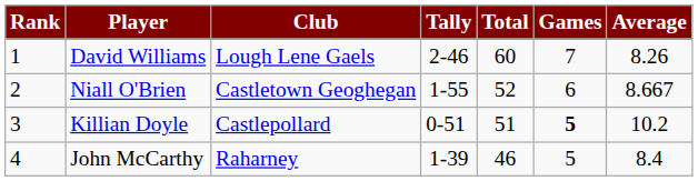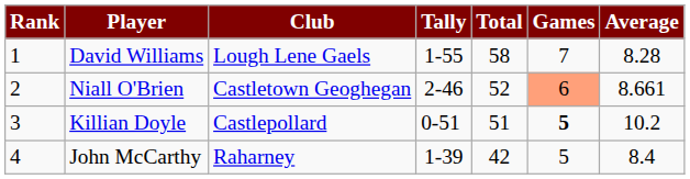 <table class="wikitable">
 <tr>
 <th style="background:maroon;color:white">Rank</th>
 <th style="background:maroon;color:white">Player</th>
 <th style="background:maroon;color:white">Club</th>
 <th style="background:maroon;color:white">Tally</th>
 <th style="background:maroon;color:white">Total</th>
 <th style="background:maroon;color:white">Games</th>
 <th style="background:maroon;color:white">Average</th>
 </tr>
 <tr>
 <td>1</td>
 <td><a href='#'>David Williams</a></td>
 <td> <a href='#'>Lough Lene Gaels</a></td>
-<td align=center>2-46</td>
-<td align=center>60</td>
+<td align=center>1-55</td>
+<td align=center>58</td>
 <td align=center>7</td>
-<td align=center>8.26</td>
+<td align=center>8.28</td>
 </tr>
 <tr>
 <td>2</td>
 <td><a href='#'>Niall O'Brien</a></td>
 <td> <a href='#'>Castletown Geoghegan</a></td>
-<td align=center>1-55</td>
+<td align=center>2-46</td>
 <td align=center>52</td>
-<td align=center>6</td>
-<td align=center>8.667</td>
+<td align=center style="background: lightsalmon;">6</td>
+<td align=center>8.661</td>
 </tr>
 <tr>
 <td>3</td>
 <td><a href='#'>Killian Doyle</a></td>
 <td> <a href='#'>Castlepollard</a></td>
 <td>0-51</td>
 <td align=center>51</td>
 <td align=center><strong>5</strong></td>
 <td align=center>10.2</td>
 </tr>
 <tr>
 <td>4</td>
 <td>John McCarthy</td>
 <td> <a href='#'>Raharney</a></td>
 <td align=center>1-39</td>
-<td align=center>46</td>
+<td align=center>42</td>
 <td align=center>5</td>
 <td align=center>8.4</td>
 </tr>
 </table>
